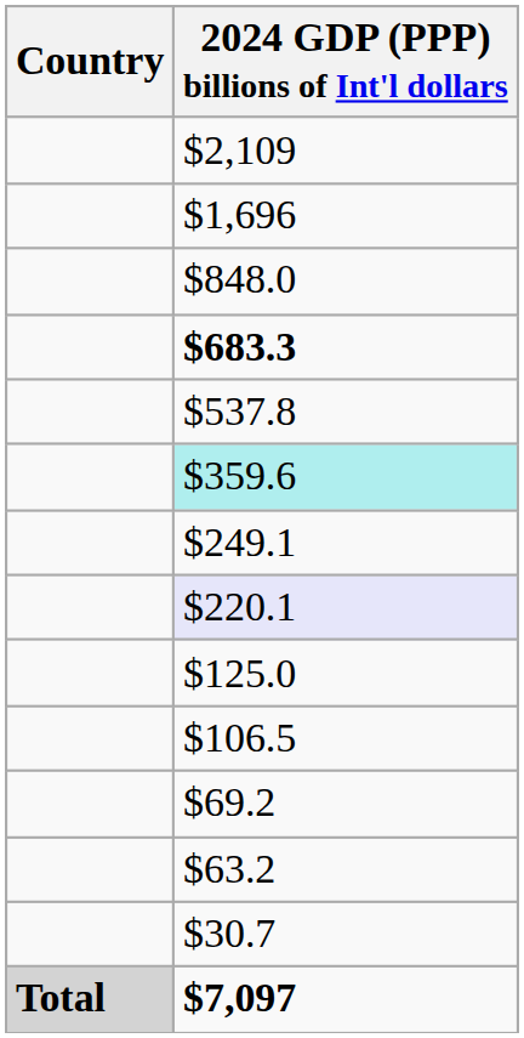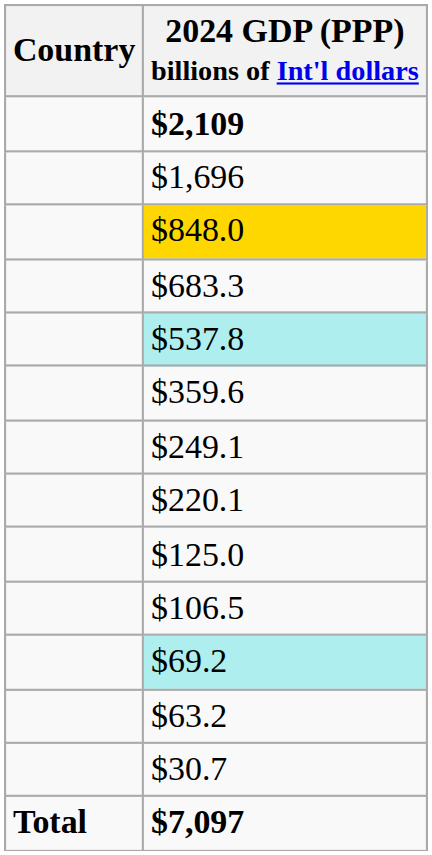 <table class="sortable wikitable sticky-header static-row-numbers col1left" >
 <tr>
 <th>Country</th>
 <th>2024 GDP (PPP)<br><small>billions of <a href='#'>Int'l dollars</a></small></th>
 </tr>
 <tr>
 <td></td>
-<td>$2,109</td>
+<td><strong>$2,109</strong></td>
 </tr>
 <tr>
 <td></td>
 <td>$1,696</td>
 </tr>
 <tr>
 <td></td>
-<td>$848.0</td>
+<td style="background: gold;">$848.0</td>
 </tr>
 <tr>
 <td></td>
-<td><strong>$683.3</strong></td>
+<td>$683.3</td>
 </tr>
 <tr>
 <td></td>
-<td>$537.8</td>
+<td style="background: paleturquoise;">$537.8</td>
 </tr>
 <tr>
 <td></td>
-<td style="background: paleturquoise;">$359.6</td>
+<td>$359.6</td>
 </tr>
 <tr>
 <td></td>
 <td>$249.1</td>
 </tr>
 <tr>
 <td></td>
-<td style="background: lavender;">$220.1</td>
+<td>$220.1</td>
 </tr>
 <tr>
 <td></td>
 <td>$125.0</td>
 </tr>
 <tr>
 <td></td>
 <td>$106.5</td>
 </tr>
 <tr>
 <td></td>
-<td>$69.2</td>
+<td style="background: paleturquoise;">$69.2</td>
 </tr>
 <tr>
 <td></td>
 <td>$63.2</td>
 </tr>
 <tr>
 <td></td>
 <td>$30.7</td>
 </tr>
 <tr class="static-row-numbers-norank">
-<td style="background: lightgrey;"><strong> Total </strong></td>
+<td><strong> Total </strong></td>
 <td><strong>$7,097</strong></td>
 </tr>
 </table>
